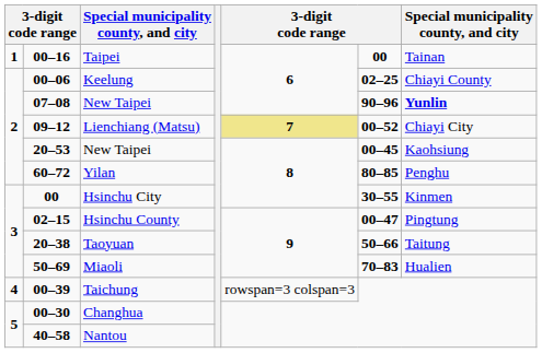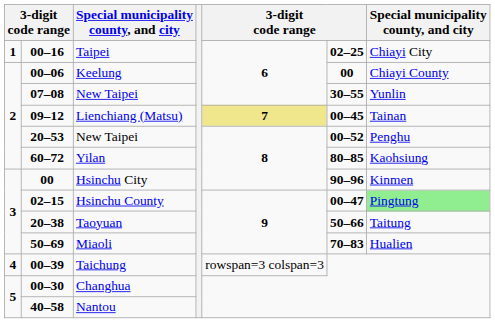 <table class=wikitable style="text-align:center;">
 <tr>
 <th colspan=2>3-digit<br>code range</th>
 <th><a href='#'>Special municipality</a><br><a href='#'>county</a>, and <a href='#'>city</a></th>
 <th rowspan=14></th>
 <th colspan=2>3-digit<br>code range</th>
 <th>Special municipality<br>county, and city</th>
 </tr>
 <tr>
 <td><strong>1</strong></td>
 <td><strong>00–16</strong></td>
 <td align=left><a href='#'>Taipei</a></td>
 <td rowspan=3><strong>6</strong></td>
-<td><strong>00</strong></td>
-<td align=left><a href='#'>Tainan</a></td>
+<td><strong>02–25</strong></td>
+<td align=left><a href='#'>Chiayi</a> City</td>
 </tr>
 <tr>
 <td rowspan=5><strong>2</strong></td>
 <td><strong>00–06</strong></td>
 <td align=left><a href='#'>Keelung</a></td>
-<td><strong>02–25</strong></td>
+<td><strong>00</strong></td>
 <td align=left><a href='#'>Chiayi County</a></td>
 </tr>
 <tr>
 <td><strong>07–08</strong></td>
 <td align=left><a href='#'>New Taipei</a></td>
-<td><strong>90–96</strong></td>
-<td align=left><strong><a href='#'>Yunlin</a></strong></td>
+<td><strong>30–55</strong></td>
+<td align=left><a href='#'>Yunlin</a></td>
 </tr>
 <tr>
 <td><strong>09–12</strong></td>
 <td align=left><a href='#'>Lienchiang (Matsu)</a></td>
 <td style="background: khaki;"><strong>7</strong></td>
-<td><strong>00–52</strong></td>
-<td align=left><a href='#'>Chiayi</a> City</td>
+<td><strong>00–45</strong></td>
+<td align=left><a href='#'>Tainan</a></td>
 </tr>
 <tr>
 <td><strong>20–53</strong></td>
 <td align=left>New Taipei</td>
 <td rowspan=3><strong>8</strong></td>
-<td><strong>00–45</strong></td>
-<td align=left><a href='#'>Kaohsiung</a></td>
+<td><strong>00–52</strong></td>
+<td align=left><a href='#'>Penghu</a></td>
 </tr>
 <tr>
 <td><strong>60–72</strong></td>
 <td align=left><a href='#'>Yilan</a></td>
 <td><strong>80–85</strong></td>
-<td align=left><a href='#'>Penghu</a></td>
+<td align=left><a href='#'>Kaohsiung</a></td>
 </tr>
 <tr>
 <td rowspan=4><strong>3</strong></td>
 <td><strong>00</strong></td>
 <td align=left><a href='#'>Hsinchu</a> City</td>
-<td><strong>30–55</strong></td>
+<td><strong>90–96</strong></td>
 <td align=left><a href='#'>Kinmen</a></td>
 </tr>
 <tr>
 <td><strong>02–15</strong></td>
 <td align=left><a href='#'>Hsinchu County</a></td>
 <td rowspan=3><strong>9</strong></td>
 <td><strong>00–47</strong></td>
-<td align=left><a href='#'>Pingtung</a></td>
+<td align=left style="background: lightgreen;"><a href='#'>Pingtung</a></td>
 </tr>
 <tr>
 <td><strong>20–38</strong></td>
 <td align=left><a href='#'>Taoyuan</a></td>
 <td><strong>50–66</strong></td>
 <td align=left><a href='#'>Taitung</a></td>
 </tr>
 <tr>
 <td><strong>50–69</strong></td>
 <td align=left><a href='#'>Miaoli</a></td>
 <td><strong>70–83</strong></td>
 <td align=left><a href='#'>Hualien</a></td>
 </tr>
 <tr>
 <td><strong>4</strong></td>
 <td><strong>00–39</strong></td>
 <td align=left><a href='#'>Taichung</a></td>
 <td>rowspan=3 colspan=3 </td>
 </tr>
 <tr>
 <td rowspan=2><strong>5</strong></td>
 <td><strong>00–30</strong></td>
 <td align=left><a href='#'>Changhua</a></td>
 </tr>
 <tr>
 <td><strong>40–58</strong></td>
 <td align=left><a href='#'>Nantou</a></td>
 </tr>
 </table>
